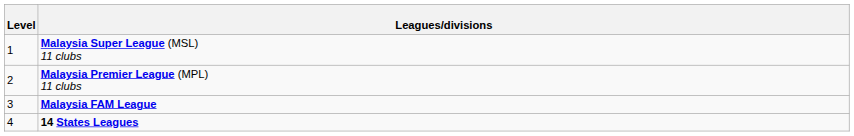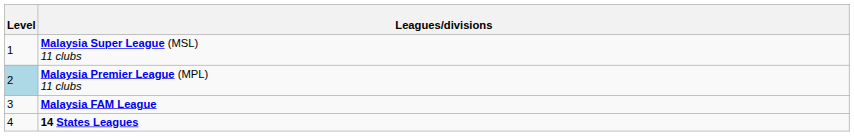 <table class="wikitable" style="text-align: centre;">
 <tr>
 <th colspan="1" width="4%"><br>Level</th>
 <th colspan="2" width="96%"><br>Leagues/divisions</th>
 </tr>
 <tr>
 <td>1</td>
 <td><strong><a href='#'>Malaysia Super League</a></strong> (MSL)<br><em>11 clubs</em></td>
 </tr>
 <tr>
-<td>2</td>
+<td style="background: lightblue;">2</td>
 <td><strong><a href='#'>Malaysia Premier League</a></strong> (MPL)<br><em>11 clubs</em></td>
 </tr>
 <tr>
 <td>3</td>
 <td><strong><a href='#'>Malaysia FAM League</a></strong></td>
 </tr>
 <tr>
 <td>4</td>
 <td><strong>14 <a href='#'>States Leagues</a></strong></td>
 </tr>
 </table>
